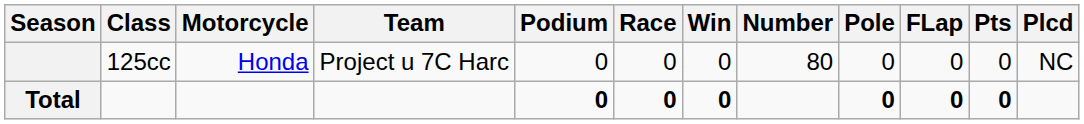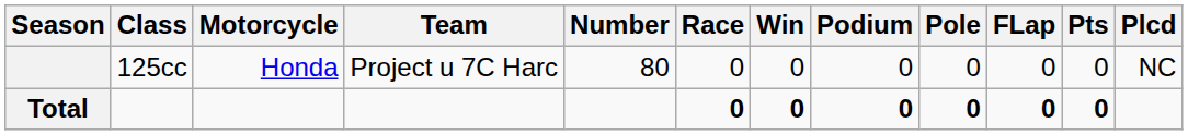 <table class="wikitable">
 <tr>
 <th>Season</th>
 <th>Class</th>
 <th>Motorcycle</th>
 <th>Team</th>
-<th>Podium</th>
+<th>Number</th>
 <th>Race</th>
 <th>Win</th>
-<th>Number</th>
+<th>Podium</th>
 <th>Pole</th>
 <th>FLap</th>
 <th>Pts</th>
 <th>Plcd</th>
 </tr>
 <tr align="right">
 <th></th>
 <td>125cc</td>
 <td><a href='#'>Honda</a></td>
 <td>Project u 7C Harc</td>
+<td>80</td>
 <td>0</td>
 <td>0</td>
 <td>0</td>
-<td>80</td>
 <td>0</td>
 <td>0</td>
 <td>0</td>
 <td>NC</td>
 </tr>
 <tr align="right">
 <th>Total</th>
 <td></td>
 <td></td>
 <td></td>
+<td></td>
 <td><strong>0</strong></td>
 <td><strong>0</strong></td>
 <td><strong>0</strong></td>
-<td></td>
 <td><strong>0</strong></td>
 <td><strong>0</strong></td>
 <td><strong>0</strong></td>
 <td></td>
 </tr>
 </table>
